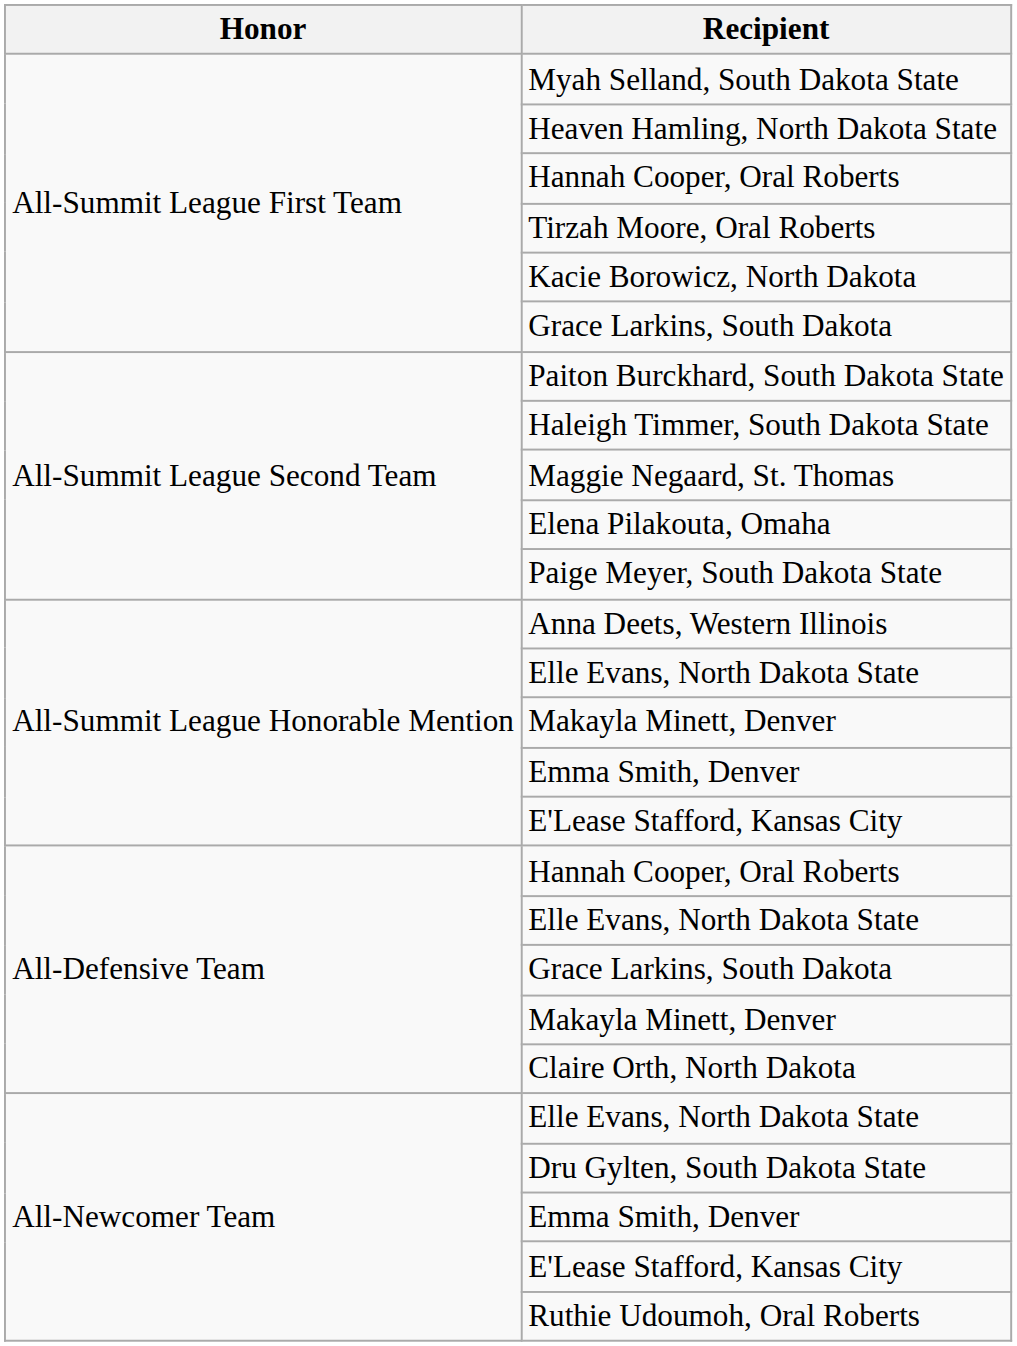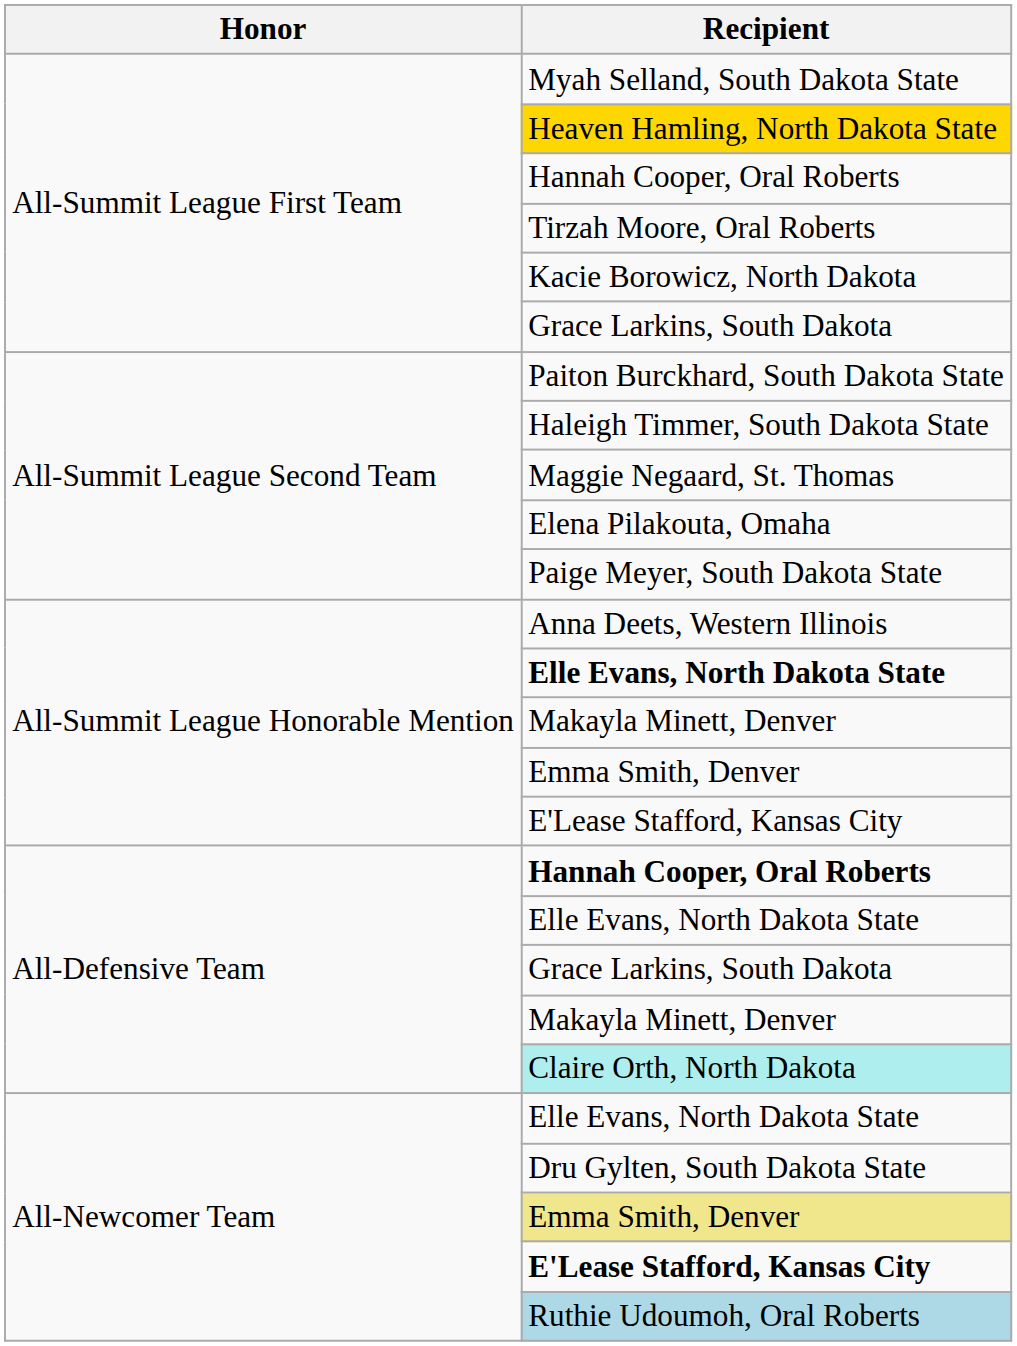 <table class="wikitable" border="1">
 <tr>
 <th>Honor</th>
 <th>Recipient</th>
 </tr>
 <tr>
 <td rowspan="6" valign="middle">All-Summit League First Team</td>
 <td>Myah Selland, South Dakota State</td>
 </tr>
 <tr>
-<td>Heaven Hamling, North Dakota State</td>
+<td style="background: gold;">Heaven Hamling, North Dakota State</td>
 </tr>
 <tr>
 <td>Hannah Cooper, Oral Roberts</td>
 </tr>
 <tr>
 <td>Tirzah Moore, Oral Roberts</td>
 </tr>
 <tr>
 <td>Kacie Borowicz, North Dakota</td>
 </tr>
 <tr>
 <td>Grace Larkins, South Dakota</td>
 </tr>
 <tr>
 <td rowspan="5">All-Summit League Second Team</td>
 <td>Paiton Burckhard, South Dakota State</td>
 </tr>
 <tr>
 <td>Haleigh Timmer, South Dakota State</td>
 </tr>
 <tr>
 <td>Maggie Negaard, St. Thomas</td>
 </tr>
 <tr>
 <td>Elena Pilakouta, Omaha</td>
 </tr>
 <tr>
 <td>Paige Meyer, South Dakota State</td>
 </tr>
 <tr>
 <td rowspan="5">All-Summit League Honorable Mention</td>
 <td>Anna Deets, Western Illinois</td>
 </tr>
 <tr>
-<td>Elle Evans, North Dakota State</td>
+<td><strong>Elle Evans, North Dakota State</strong></td>
 </tr>
 <tr>
 <td>Makayla Minett, Denver</td>
 </tr>
 <tr>
 <td>Emma Smith, Denver</td>
 </tr>
 <tr>
 <td>E'Lease Stafford, Kansas City</td>
 </tr>
 <tr>
 <td rowspan="5">All-Defensive Team</td>
-<td>Hannah Cooper, Oral Roberts</td>
+<td><strong>Hannah Cooper, Oral Roberts</strong></td>
 </tr>
 <tr>
 <td>Elle Evans, North Dakota State</td>
 </tr>
 <tr>
 <td>Grace Larkins, South Dakota</td>
 </tr>
 <tr>
 <td>Makayla Minett, Denver</td>
 </tr>
 <tr>
-<td>Claire Orth, North Dakota</td>
+<td style="background: paleturquoise;">Claire Orth, North Dakota</td>
 </tr>
 <tr>
 <td rowspan="5">All-Newcomer Team</td>
 <td>Elle Evans, North Dakota State</td>
 </tr>
 <tr>
 <td>Dru Gylten, South Dakota State</td>
 </tr>
 <tr>
-<td>Emma Smith, Denver</td>
+<td style="background: khaki;">Emma Smith, Denver</td>
 </tr>
 <tr>
-<td>E'Lease Stafford, Kansas City</td>
+<td><strong>E'Lease Stafford, Kansas City</strong></td>
 </tr>
 <tr>
-<td>Ruthie Udoumoh, Oral Roberts</td>
+<td style="background: lightblue;">Ruthie Udoumoh, Oral Roberts</td>
 </tr>
 </table>
